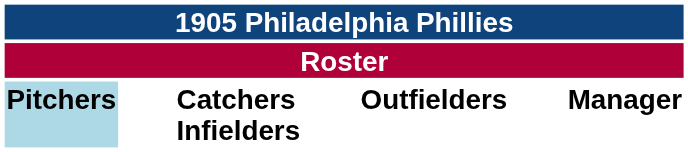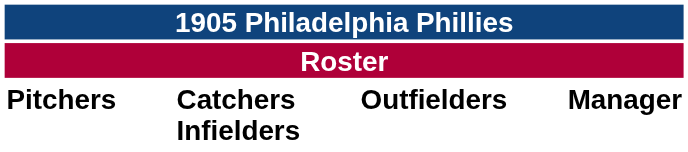 <table class="toccolours" style="font-size: 95%;">
 <tr>
 <th colspan="10" style="background-color: #0f437c; color: white; text-align: center;">1905 Philadelphia Phillies</th>
 </tr>
 <tr>
 <td colspan="10" style="background-color: #af0039; color: white; text-align: center;"><strong>Roster</strong></td>
 </tr>
 <tr>
-<td valign="top" style="background: lightblue;"><strong>Pitchers</strong><br>         </td>
+<td valign="top"><strong>Pitchers</strong><br>         </td>
 <td width="25px"></td>
 <td valign="top"><strong>Catchers</strong><br>    <strong>Infielders</strong>     </td>
 <td width="25px"></td>
 <td valign="top"><strong>Outfielders</strong><br>    </td>
 <td width="25px"></td>
 <td valign="top"><strong>Manager</strong><br></td>
 </tr>
 </table>
